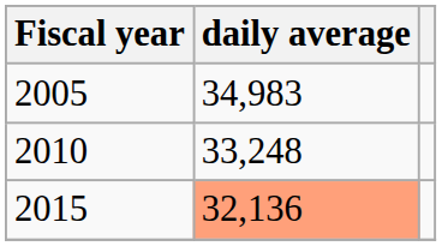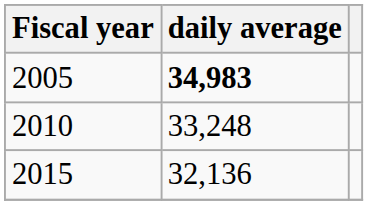 <table class="wikitable">
 <tr>
 <th>Fiscal year</th>
 <th>daily average</th>
 <th></th>
 </tr>
 <tr>
 <td>2005</td>
-<td>34,983</td>
+<td><strong>34,983</strong></td>
 <td></td>
 </tr>
 <tr>
 <td>2010</td>
 <td>33,248</td>
 <td></td>
 </tr>
 <tr>
 <td>2015</td>
-<td style="background: lightsalmon;">32,136</td>
+<td>32,136</td>
 <td></td>
 </tr>
 <tr>
 </tr>
 </table>
